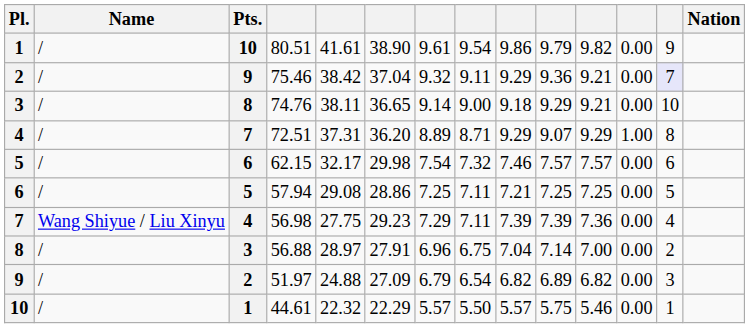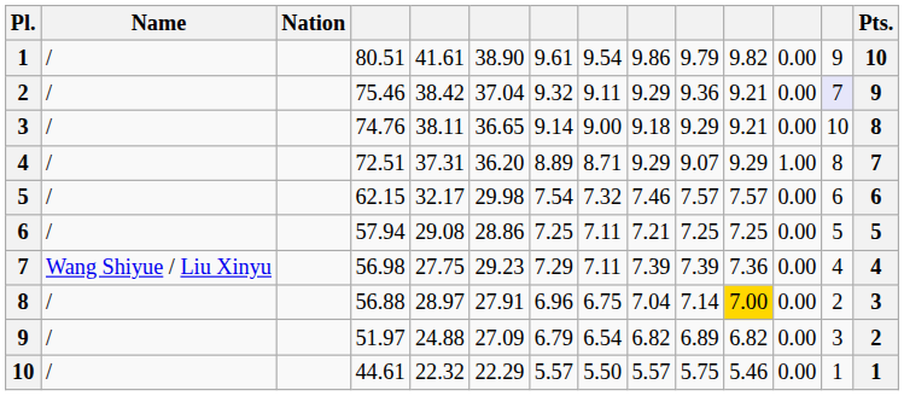 <table class="wikitable sortable" style="text-align:center">
 <tr>
 <th>Pl.</th>
 <th>Name</th>
-<th>Pts.</th>
+<th>Nation</th>
 <th></th>
 <th></th>
 <th></th>
 <th></th>
 <th></th>
 <th></th>
 <th></th>
 <th></th>
 <th></th>
 <th></th>
-<th>Nation</th>
+<th>Pts.</th>
 </tr>
 <tr>
 <th>1</th>
 <td align=left> / </td>
-<th>10</th>
+<td align=left></td>
 <td>80.51</td>
 <td>41.61</td>
 <td>38.90</td>
 <td>9.61</td>
 <td>9.54</td>
 <td>9.86</td>
 <td>9.79</td>
 <td>9.82</td>
 <td>0.00</td>
 <td>9</td>
-<td align=left></td>
+<th>10</th>
 </tr>
 <tr>
 <th>2</th>
 <td align=left> / </td>
-<th>9</th>
+<td align=left></td>
 <td>75.46</td>
 <td>38.42</td>
 <td>37.04</td>
 <td>9.32</td>
 <td>9.11</td>
 <td>9.29</td>
 <td>9.36</td>
 <td>9.21</td>
 <td>0.00</td>
 <td style="background: lavender;">7</td>
-<td align=left></td>
+<th>9</th>
 </tr>
 <tr>
 <th>3</th>
 <td align=left> / </td>
-<th>8</th>
+<td align=left></td>
 <td>74.76</td>
 <td>38.11</td>
 <td>36.65</td>
 <td>9.14</td>
 <td>9.00</td>
 <td>9.18</td>
 <td>9.29</td>
 <td>9.21</td>
 <td>0.00</td>
 <td>10</td>
-<td align=left></td>
+<th>8</th>
 </tr>
 <tr>
 <th>4</th>
 <td align=left> / </td>
-<th>7</th>
+<td align=left></td>
 <td>72.51</td>
 <td>37.31</td>
 <td>36.20</td>
 <td>8.89</td>
 <td>8.71</td>
 <td>9.29</td>
 <td>9.07</td>
 <td>9.29</td>
 <td>1.00</td>
 <td>8</td>
-<td align=left></td>
+<th>7</th>
 </tr>
 <tr>
 <th>5</th>
 <td align=left> / </td>
-<th>6</th>
+<td align=left></td>
 <td>62.15</td>
 <td>32.17</td>
 <td>29.98</td>
 <td>7.54</td>
 <td>7.32</td>
 <td>7.46</td>
 <td>7.57</td>
 <td>7.57</td>
 <td>0.00</td>
 <td>6</td>
-<td align=left></td>
+<th>6</th>
 </tr>
 <tr>
 <th>6</th>
 <td align=left> / </td>
-<th>5</th>
+<td align=left></td>
 <td>57.94</td>
 <td>29.08</td>
 <td>28.86</td>
 <td>7.25</td>
 <td>7.11</td>
 <td>7.21</td>
 <td>7.25</td>
 <td>7.25</td>
 <td>0.00</td>
 <td>5</td>
-<td align=left></td>
+<th>5</th>
 </tr>
 <tr>
 <th>7</th>
 <td align=left><a href='#'>Wang Shiyue</a> / <a href='#'>Liu Xinyu</a></td>
-<th>4</th>
+<td align=left></td>
 <td>56.98</td>
 <td>27.75</td>
 <td>29.23</td>
 <td>7.29</td>
 <td>7.11</td>
 <td>7.39</td>
 <td>7.39</td>
 <td>7.36</td>
 <td>0.00</td>
 <td>4</td>
-<td align=left></td>
+<th>4</th>
 </tr>
 <tr>
 <th>8</th>
 <td align=left> / </td>
-<th>3</th>
+<td align=left></td>
 <td>56.88</td>
 <td>28.97</td>
 <td>27.91</td>
 <td>6.96</td>
 <td>6.75</td>
 <td>7.04</td>
 <td>7.14</td>
-<td>7.00</td>
+<td style="background: gold;">7.00</td>
 <td>0.00</td>
 <td>2</td>
-<td align=left></td>
+<th>3</th>
 </tr>
 <tr>
 <th>9</th>
 <td align=left> / </td>
-<th>2</th>
+<td align=left></td>
 <td>51.97</td>
 <td>24.88</td>
 <td>27.09</td>
 <td>6.79</td>
 <td>6.54</td>
 <td>6.82</td>
 <td>6.89</td>
 <td>6.82</td>
 <td>0.00</td>
 <td>3</td>
-<td align=left></td>
+<th>2</th>
 </tr>
 <tr>
 <th>10</th>
 <td align=left> / </td>
-<th>1</th>
+<td align=left></td>
 <td>44.61</td>
 <td>22.32</td>
 <td>22.29</td>
 <td>5.57</td>
 <td>5.50</td>
 <td>5.57</td>
 <td>5.75</td>
 <td>5.46</td>
 <td>0.00</td>
 <td>1</td>
-<td align=left></td>
+<th>1</th>
 </tr>
 </table>
